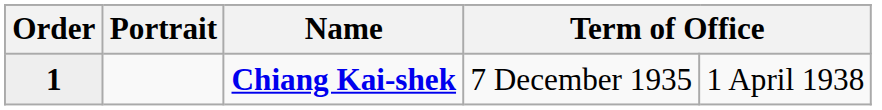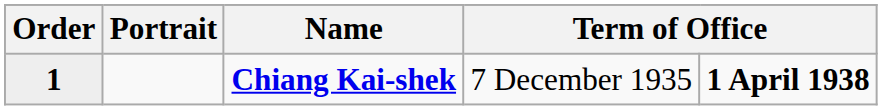 <table class="wikitable" style="text-align:center;">
 <tr>
 <th>Order</th>
 <th>Portrait</th>
 <th>Name</th>
 <th colspan=2>Term of Office</th>
 </tr>
 <tr>
 <th style="background:#eee">1</th>
 <td></td>
 <td><strong><a href='#'>Chiang Kai-shek</a></strong></td>
 <td>7 December 1935</td>
-<td>1 April 1938</td>
+<td><strong>1 April 1938</strong></td>
 </tr>
 </table>
